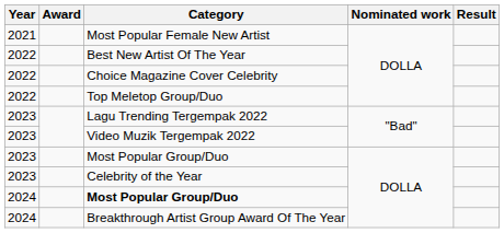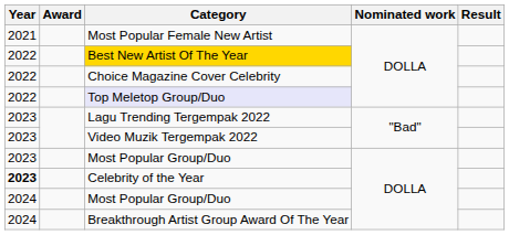 <table class="wikitable">
 <tr>
 <th>Year</th>
 <th>Award</th>
 <th>Category</th>
 <th>Nominated work</th>
 <th>Result</th>
 </tr>
 <tr>
 <td style="text-align:center">2021</td>
 <td></td>
 <td>Most Popular Female New Artist</td>
 <td rowspan="4" style="text-align:center">DOLLA</td>
 <td></td>
 </tr>
 <tr>
 <td style="text-align:center">2022</td>
 <td></td>
-<td>Best New Artist Of The Year</td>
+<td style="background: gold;">Best New Artist Of The Year</td>
 <td></td>
 </tr>
 <tr>
 <td>2022</td>
 <td></td>
 <td>Choice Magazine Cover Celebrity</td>
 <td></td>
 </tr>
 <tr>
 <td style="text-align:center">2022</td>
 <td></td>
-<td>Top Meletop Group/Duo</td>
+<td style="background: lavender;">Top Meletop Group/Duo</td>
 <td></td>
 </tr>
 <tr>
 <td style="text-align:center">2023</td>
 <td rowspan=2></td>
 <td>Lagu Trending Tergempak 2022</td>
 <td style="text-align:center" rowspan=2>"Bad"</td>
 <td></td>
 </tr>
 <tr>
 <td style="text-align:center">2023</td>
 <td>Video Muzik Tergempak 2022</td>
 <td></td>
 </tr>
 <tr>
 <td style="text-align:center">2023</td>
 <td></td>
 <td>Most Popular Group/Duo</td>
 <td rowspan="4" style="text-align:center">DOLLA</td>
 <td></td>
 </tr>
 <tr>
-<td style="text-align:center">2023</td>
+<td style="text-align:center"><strong>2023</strong></td>
 <td></td>
 <td>Celebrity of the Year</td>
 <td></td>
 </tr>
 <tr>
 <td style="text-align:center">2024</td>
 <td></td>
-<td><strong>Most Popular Group/Duo</strong></td>
+<td>Most Popular Group/Duo</td>
 <td></td>
 </tr>
 <tr>
 <td style="text-align:center">2024</td>
 <td></td>
 <td>Breakthrough Artist Group Award Of The Year</td>
 <td></td>
 </tr>
 </table>
